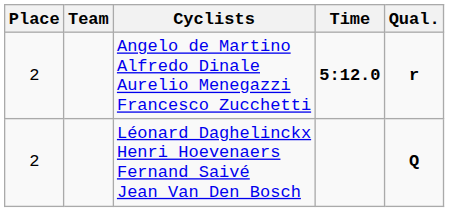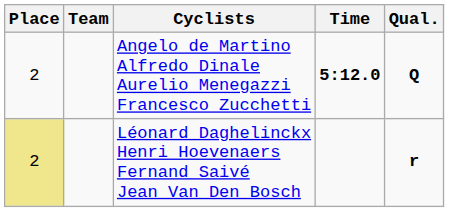 <table class=wikitable style="text-align:center">
 <tr>
 <th>Place</th>
 <th>Team</th>
 <th>Cyclists</th>
 <th>Time</th>
 <th>Qual.</th>
 </tr>
 <tr>
 <td>2</td>
 <td align=left></td>
 <td align=left><a href='#'>Angelo de Martino</a> <br> <a href='#'>Alfredo Dinale</a> <br> <a href='#'>Aurelio Menegazzi</a> <br> <a href='#'>Francesco Zucchetti</a></td>
 <td><strong>5:12.0</strong></td>
-<td><strong>r</strong></td>
+<td><strong>Q</strong></td>
 </tr>
 <tr>
-<td>2</td>
+<td style="background: khaki;">2</td>
 <td align=left></td>
 <td align=left><a href='#'>Léonard Daghelinckx</a> <br> <a href='#'>Henri Hoevenaers</a> <br> <a href='#'>Fernand Saivé</a> <br> <a href='#'>Jean Van Den Bosch</a></td>
 <td></td>
-<td><strong>Q</strong></td>
+<td><strong>r</strong></td>
 </tr>
 </table>
